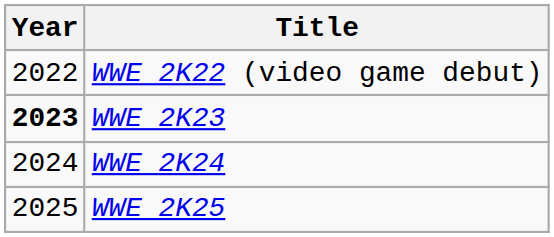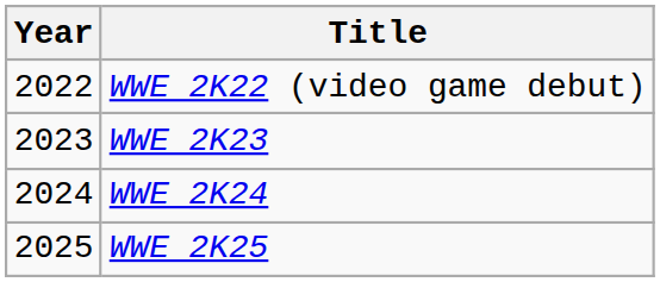 <table class="wikitable sortable">
 <tr>
 <th>Year</th>
 <th>Title</th>
 </tr>
 <tr>
 <td>2022</td>
 <td><em><a href='#'>WWE 2K22</a></em> (video game debut)</td>
 </tr>
 <tr>
-<td><strong>2023</strong></td>
+<td>2023</td>
 <td><em><a href='#'>WWE 2K23</a></em></td>
 </tr>
 <tr>
 <td>2024</td>
 <td><em><a href='#'>WWE 2K24</a></em></td>
 </tr>
 <tr>
 <td>2025</td>
 <td><em><a href='#'>WWE 2K25</a></em></td>
 </tr>
 </table>
